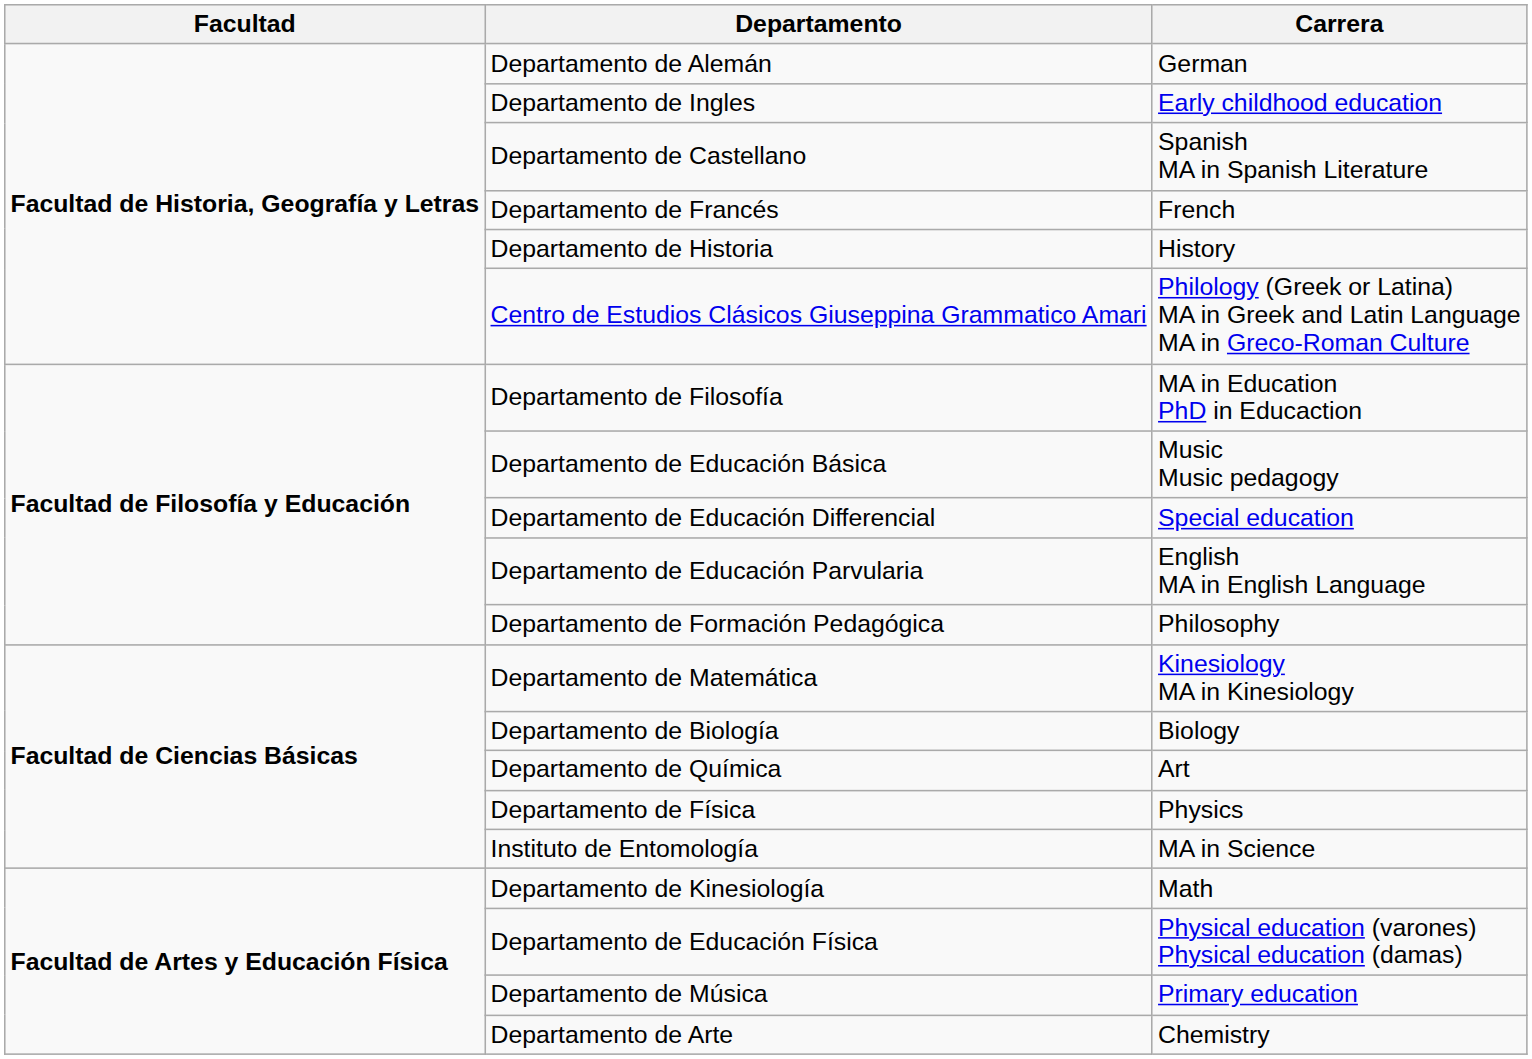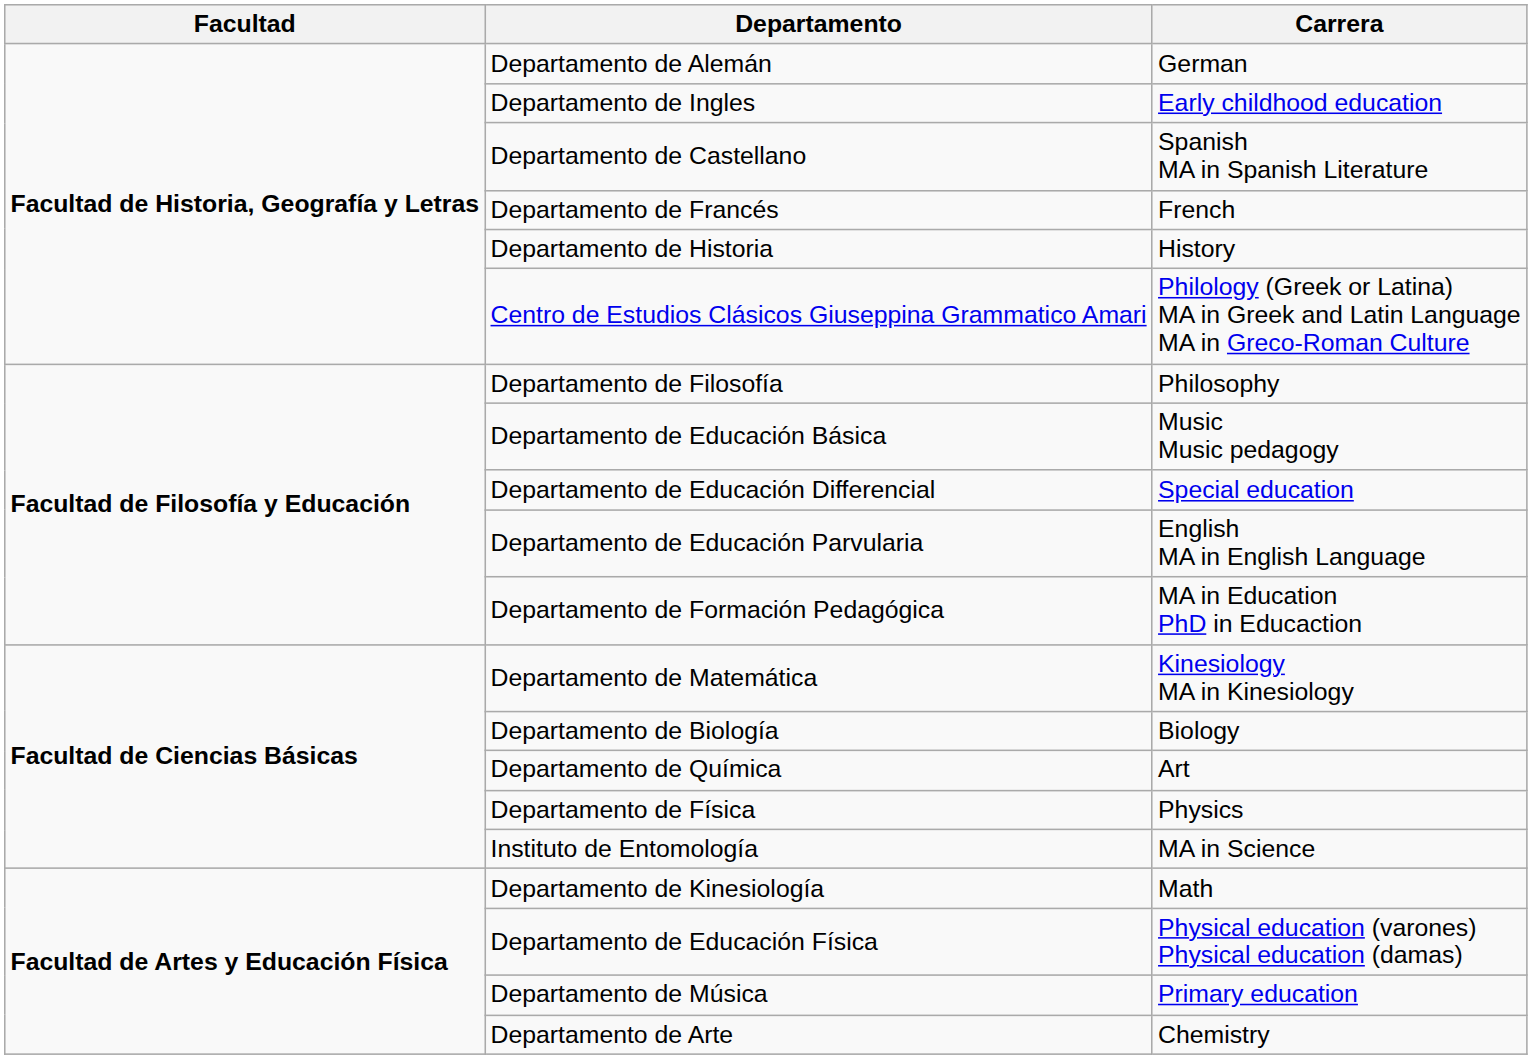 <table class="wikitable">
 <tr>
 <th>Facultad</th>
 <th>Departamento</th>
 <th>Carrera</th>
 </tr>
 <tr>
 <td rowspan="6"><strong>Facultad de Historia, Geografía y Letras</strong></td>
 <td>Departamento de Alemán</td>
 <td>German</td>
 </tr>
 <tr>
 <td>Departamento de Ingles</td>
 <td><a href='#'>Early childhood education</a></td>
 </tr>
 <tr>
 <td>Departamento de Castellano</td>
 <td>Spanish<br>MA in Spanish Literature</td>
 </tr>
 <tr>
 <td>Departamento de Francés</td>
 <td>French</td>
 </tr>
 <tr>
 <td>Departamento de Historia</td>
 <td>History</td>
 </tr>
 <tr>
 <td><a href='#'>Centro de Estudios Clásicos Giuseppina Grammatico Amari</a></td>
 <td><a href='#'>Philology</a> (Greek or Latina)<br>MA in Greek and Latin Language<br>MA in <a href='#'>Greco-Roman Culture</a></td>
 </tr>
 <tr>
 <td rowspan="5"><strong>Facultad de Filosofía y Educación</strong></td>
 <td>Departamento de Filosofía</td>
-<td>MA in Education<br><a href='#'>PhD</a> in Educaction</td>
+<td>Philosophy</td>
 </tr>
 <tr>
 <td>Departamento de Educación Básica</td>
 <td>Music<br>Music pedagogy</td>
 </tr>
 <tr>
 <td>Departamento de Educación Differencial</td>
 <td><a href='#'>Special education</a></td>
 </tr>
 <tr>
 <td>Departamento de Educación Parvularia</td>
 <td>English<br>MA in English Language</td>
 </tr>
 <tr>
 <td>Departamento de Formación Pedagógica</td>
-<td>Philosophy</td>
+<td>MA in Education<br><a href='#'>PhD</a> in Educaction</td>
 </tr>
 <tr>
 <td rowspan="5"><strong>Facultad de Ciencias Básicas</strong></td>
 <td>Departamento de Matemática</td>
 <td><a href='#'>Kinesiology</a><br>MA in Kinesiology</td>
 </tr>
 <tr>
 <td>Departamento de Biología</td>
 <td>Biology</td>
 </tr>
 <tr>
 <td>Departamento de Química</td>
 <td>Art</td>
 </tr>
 <tr>
 <td>Departamento de Física</td>
 <td>Physics</td>
 </tr>
 <tr>
 <td>Instituto de Entomología</td>
 <td>MA in Science</td>
 </tr>
 <tr>
 <td rowspan="4"><strong>Facultad de Artes y Educación Física</strong></td>
 <td>Departamento de Kinesiología</td>
 <td>Math</td>
 </tr>
 <tr>
 <td>Departamento de Educación Física</td>
 <td><a href='#'>Physical education</a> (varones)<br><a href='#'>Physical education</a> (damas)</td>
 </tr>
 <tr>
 <td>Departamento de Música</td>
 <td><a href='#'>Primary education</a></td>
 </tr>
 <tr>
 <td>Departamento de Arte</td>
 <td>Chemistry</td>
 </tr>
 </table>
